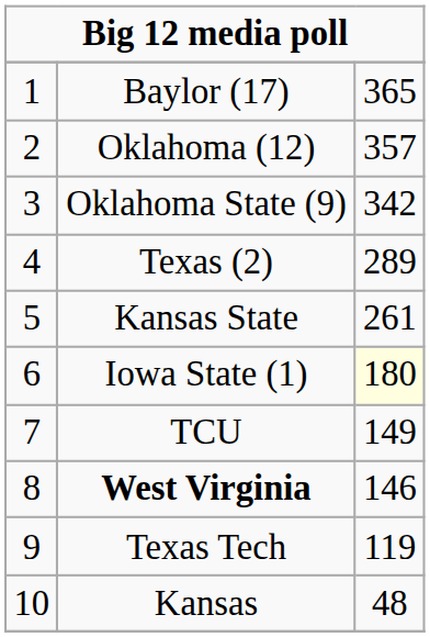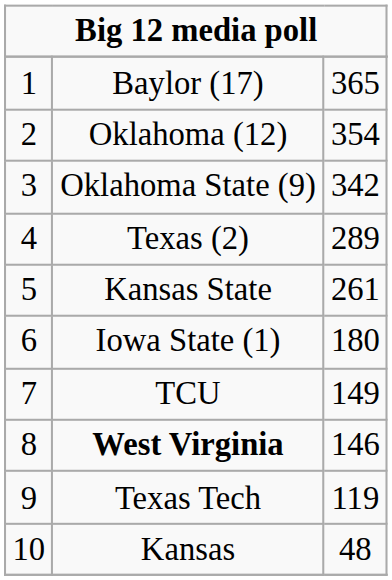 <table class="wikitable" style="display: inline-table;">
 <tr>
 <td align="center" Colspan="3"><strong>Big 12 media poll</strong></td>
 </tr>
 <tr align="center">
 </tr>
 <tr align="center">
 <td>1</td>
 <td>Baylor (17)</td>
 <td>365</td>
 </tr>
 <tr align="center">
 <td>2</td>
 <td>Oklahoma (12)</td>
-<td>357</td>
+<td>354</td>
 </tr>
 <tr align="center">
 <td>3</td>
 <td>Oklahoma State (9)</td>
 <td>342</td>
 </tr>
 <tr align="center">
 <td>4</td>
 <td>Texas (2)</td>
 <td>289</td>
 </tr>
 <tr align="center">
 <td>5</td>
 <td>Kansas State</td>
 <td>261</td>
 </tr>
 <tr align="center">
 <td>6</td>
 <td>Iowa State (1)</td>
-<td style="background: lightyellow;">180</td>
+<td>180</td>
 </tr>
 <tr align="center">
 <td>7</td>
 <td>TCU</td>
 <td>149</td>
 </tr>
 <tr align="center">
 <td>8</td>
 <td><strong>West Virginia</strong></td>
 <td>146</td>
 </tr>
 <tr align="center">
 <td>9</td>
 <td>Texas Tech</td>
 <td>119</td>
 </tr>
 <tr align="center">
 <td>10</td>
 <td>Kansas</td>
 <td>48</td>
 </tr>
 <tr>
 </tr>
 </table>
